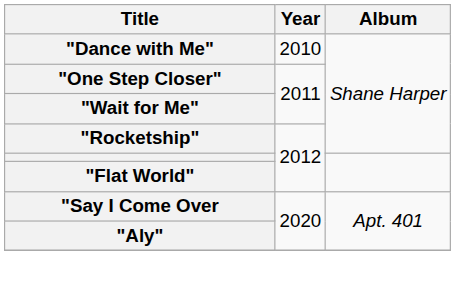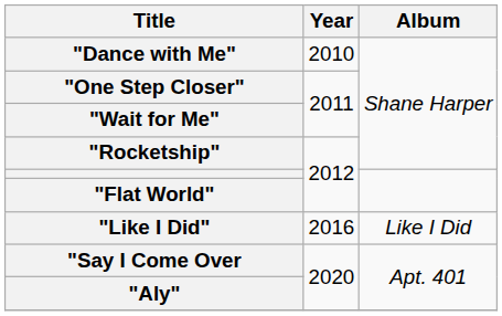 <table class="wikitable plainrowheaders" style=text-align:center>
 <tr>
 <th scope="col" style="width:14em;">Title</th>
 <th scope="col">Year</th>
 <th scope="col">Album</th>
 </tr>
 <tr>
 <th scope="row">"Dance with Me"</th>
 <td>2010</td>
 <td rowspan=4><em>Shane Harper</em></td>
 </tr>
 <tr>
 <th scope="row">"One Step Closer"</th>
 <td rowspan="2">2011</td>
 </tr>
 <tr>
 <th scope="row">"Wait for Me"<br></th>
 </tr>
 <tr>
 <th scope="row">"Rocketship"</th>
 <td rowspan="3">2012</td>
 </tr>
 <tr>
 <th scope="row"></th>
 <td rowspan="2"></td>
 </tr>
 <tr>
 <th scope="row">"Flat World"</th>
 </tr>
 <tr>
+<th scope="row">"Like I Did"</th>
+<td>2016</td>
+<td><em>Like I Did</em></td>
+</tr>
+<tr>
 <th scope="row">"Say I Come Over</th>
 <td rowspan="2">2020</td>
 <td rowspan="2"><em>Apt. 401</em></td>
 </tr>
 <tr>
 <th scope="row">"Aly"</th>
 </tr>
 <tr>
 </tr>
 </table>
